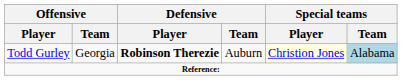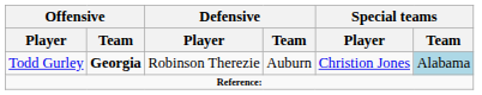 <table class="wikitable" border="1">
 <tr>
 <th colspan="2">Offensive</th>
 <th colspan="2">Defensive</th>
 <th colspan="2">Special teams</th>
 </tr>
 <tr>
 <th>Player</th>
 <th>Team</th>
 <th>Player</th>
 <th>Team</th>
 <th>Player</th>
 <th>Team</th>
 </tr>
 <tr>
 <td><a href='#'>Todd Gurley</a></td>
-<td>Georgia</td>
-<td><strong>Robinson Therezie</strong></td>
+<td><strong>Georgia</strong></td>
+<td>Robinson Therezie</td>
 <td>Auburn</td>
-<td style="background: lightyellow;"><a href='#'>Christion Jones</a></td>
+<td><a href='#'>Christion Jones</a></td>
 <td style="background: lightblue;">Alabama</td>
 </tr>
 <tr>
 <td colspan="6" style="font-size: 8pt" align="center"><strong>Reference:</strong></td>
 </tr>
 </table>
